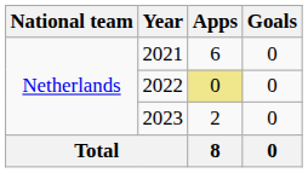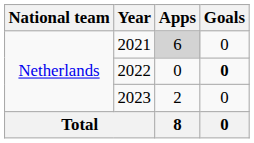 <table class="wikitable" style="text-align: center;">
 <tr>
 <th>National team</th>
 <th>Year</th>
 <th>Apps</th>
 <th>Goals</th>
 </tr>
 <tr>
 <td rowspan="3"><a href='#'>Netherlands</a></td>
 <td>2021</td>
-<td>6</td>
+<td style="background: lightgrey;">6</td>
 <td>0</td>
 </tr>
 <tr>
 <td>2022</td>
-<td style="background: khaki;">0</td>
 <td>0</td>
+<td><strong>0</strong></td>
 </tr>
 <tr>
 <td>2023</td>
 <td>2</td>
 <td>0</td>
 </tr>
 <tr>
 <th colspan="2">Total</th>
 <th>8</th>
 <th>0</th>
 </tr>
 </table>
